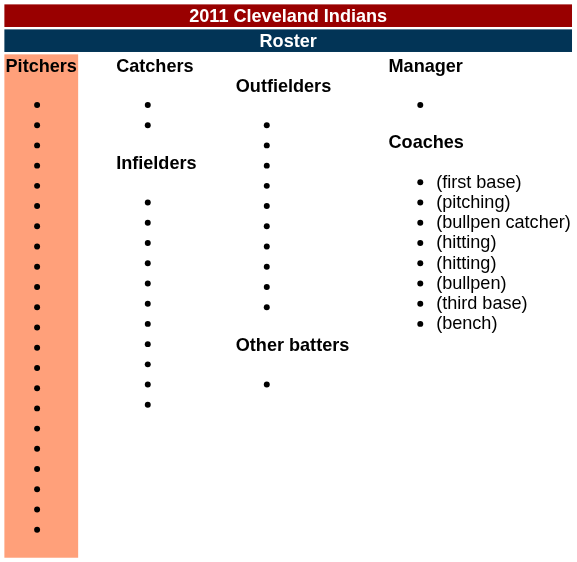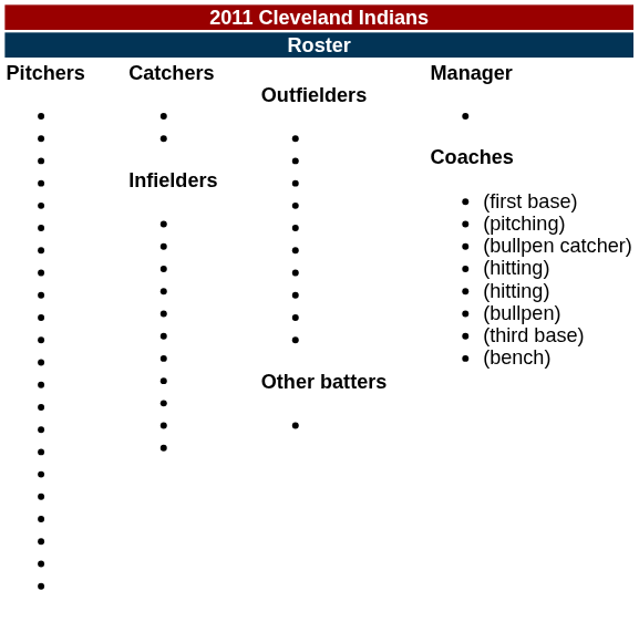 <table class="toccolours" style="font-size: 95%;">
 <tr>
 <th colspan="10" style="background-color: #990000; color: white; text-align: center;">2011 Cleveland Indians</th>
 </tr>
 <tr>
 <td colspan="10" style="background-color: #023456; color: #FFFFFF; text-align: center;"><strong>Roster</strong></td>
 </tr>
 <tr>
-<td valign="top" style="background: lightsalmon;"><strong>Pitchers</strong><br><ul><li></li><li></li><li></li><li></li><li></li><li></li><li></li><li></li><li></li><li></li><li></li><li></li><li></li><li></li><li></li><li></li><li></li><li></li><li></li><li></li><li></li><li></li></ul></td>
+<td valign="top"><strong>Pitchers</strong><br><ul><li></li><li></li><li></li><li></li><li></li><li></li><li></li><li></li><li></li><li></li><li></li><li></li><li></li><li></li><li></li><li></li><li></li><li></li><li></li><li></li><li></li><li></li></ul></td>
 <td width="25px"></td>
 <td valign="top"><strong>Catchers</strong><br><ul><li></li><li></li></ul><strong>Infielders</strong><ul><li></li><li></li><li></li><li></li><li></li><li></li><li></li><li></li><li></li><li></li><li></li></ul></td>
 <td width="25px"></td>
 <td valign="top"><br><strong>Outfielders</strong><ul><li></li><li></li><li></li><li></li><li></li><li></li><li></li><li></li><li></li><li></li></ul><strong>Other batters</strong><ul><li></li></ul></td>
 <td width="25px"></td>
 <td valign="top"><strong>Manager</strong><br><ul><li></li></ul><strong>Coaches</strong><ul><li> (first base)</li><li> (pitching)</li><li> (bullpen catcher)</li><li> (hitting)</li><li> (hitting)</li><li> (bullpen)</li><li> (third base)</li><li> (bench)</li></ul></td>
 </tr>
 </table>
